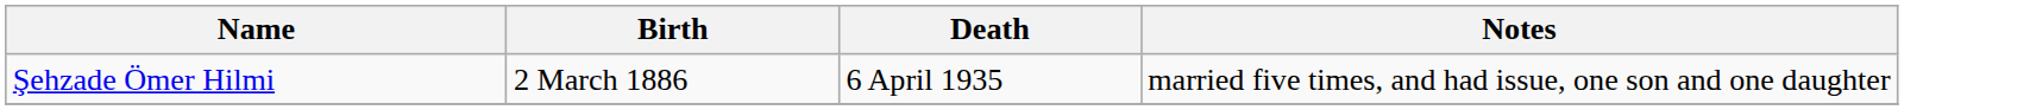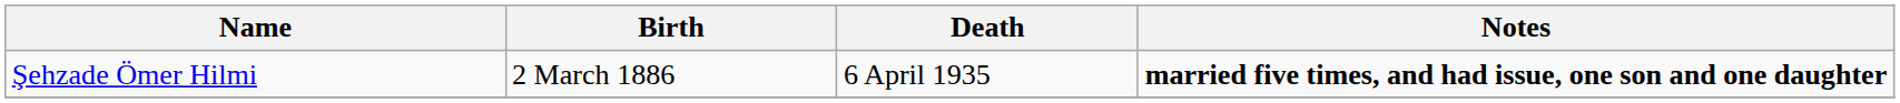 <table class="wikitable">
 <tr>
 <th>Name</th>
 <th>Birth</th>
 <th>Death</th>
 <th style="width:40%;">Notes</th>
 </tr>
 <tr>
 <td><a href='#'>Şehzade Ömer Hilmi</a> </td>
 <td>2 March 1886</td>
 <td>6 April 1935</td>
-<td>married five times, and had issue, one son and one daughter</td>
+<td><strong>married five times, and had issue, one son and one daughter</strong></td>
 </tr>
 <tr>
 </tr>
 </table>
